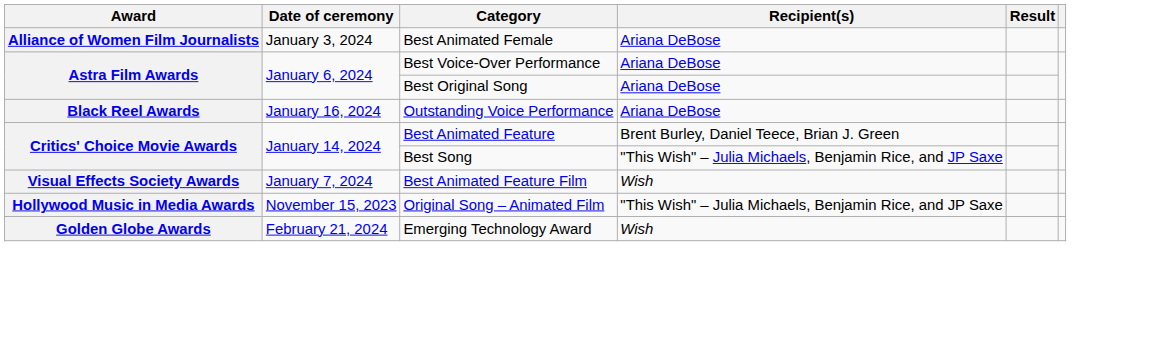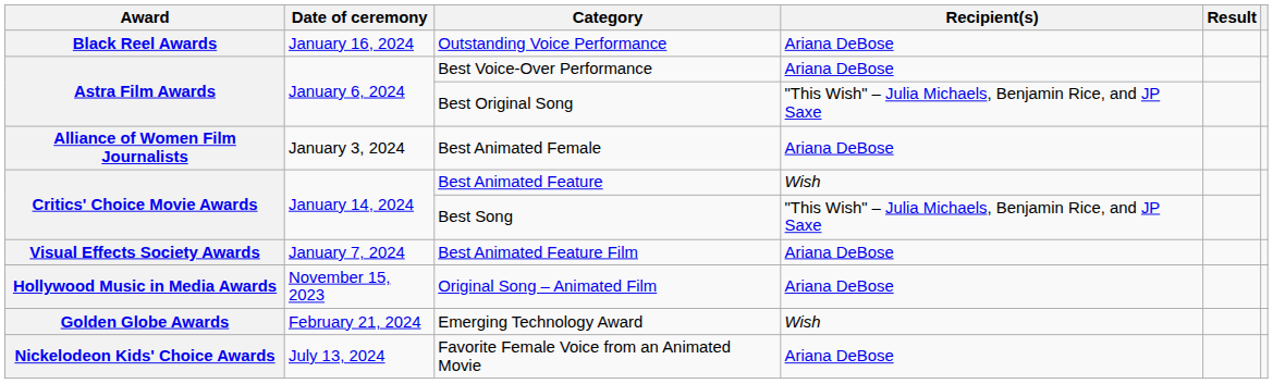 <table class="wikitable sortable plainrowheaders">
 <tr>
 <th scope="col">Award</th>
 <th scope="col">Date of ceremony</th>
 <th scope="col">Category</th>
 <th scope="col">Recipient(s)</th>
 <th scope="col">Result</th>
 <th scope="col" class="unsortable"></th>
 </tr>
 <tr>
-<th scope="row"><a href='#'>Alliance of Women Film Journalists</a></th>
-<td>January 3, 2024</td>
-<td>Best Animated Female</td>
+<th scope="row"><a href='#'>Black Reel Awards</a></th>
+<td><a href='#'>January 16, 2024</a></td>
+<td><a href='#'>Outstanding Voice Performance</a></td>
 <td><a href='#'>Ariana DeBose</a></td>
 <td></td>
 <td align="center"></td>
 </tr>
 <tr>
 <th rowspan="2" scope="row"><a href='#'>Astra Film Awards</a></th>
 <td rowspan="2"><a href='#'>January 6, 2024</a></td>
 <td>Best Voice-Over Performance</td>
 <td><a href='#'>Ariana DeBose</a></td>
 <td></td>
 <td align="center" rowspan="2"></td>
 </tr>
 <tr>
 <td>Best Original Song</td>
-<td><a href='#'>Ariana DeBose</a></td>
+<td>"This Wish" – <a href='#'>Julia Michaels</a>, Benjamin Rice, and <a href='#'>JP Saxe</a></td>
 <td></td>
 </tr>
 <tr>
-<th scope="row"><a href='#'>Black Reel Awards</a></th>
-<td><a href='#'>January 16, 2024</a></td>
-<td><a href='#'>Outstanding Voice Performance</a></td>
+<th scope="row"><a href='#'>Alliance of Women Film Journalists</a></th>
+<td>January 3, 2024</td>
+<td>Best Animated Female</td>
 <td><a href='#'>Ariana DeBose</a></td>
 <td></td>
 <td align="center"></td>
 </tr>
 <tr>
 <th rowspan="2" scope="row"><a href='#'>Critics' Choice Movie Awards</a></th>
 <td rowspan="2"><a href='#'>January 14, 2024</a></td>
 <td><a href='#'>Best Animated Feature</a></td>
-<td>Brent Burley, Daniel Teece, Brian J. Green<br></td>
+<td><em>Wish</em></td>
 <td></td>
 <td align="center" rowspan="2"></td>
 </tr>
 <tr>
 <td>Best Song</td>
 <td>"This Wish" – <a href='#'>Julia Michaels</a>, Benjamin Rice, and <a href='#'>JP Saxe</a></td>
 <td></td>
 </tr>
 <tr>
 <th scope="row"><a href='#'>Visual Effects Society Awards</a></th>
 <td><a href='#'>January 7, 2024</a></td>
 <td><a href='#'>Best Animated Feature Film</a></td>
-<td><em>Wish</em></td>
+<td><a href='#'>Ariana DeBose</a></td>
 <td></td>
 <td align="center"></td>
 </tr>
 <tr>
 <th scope="row"><a href='#'>Hollywood Music in Media Awards</a></th>
 <td><a href='#'>November 15, 2023</a></td>
 <td><a href='#'>Original Song – Animated Film</a></td>
-<td>"This Wish" – Julia Michaels, Benjamin Rice, and JP Saxe</td>
+<td><a href='#'>Ariana DeBose</a></td>
 <td></td>
 <td align="center"></td>
 </tr>
 <tr>
 <th scope="row"><a href='#'>Golden Globe Awards</a></th>
 <td><a href='#'>February 21, 2024</a></td>
 <td>Emerging Technology Award</td>
 <td><em>Wish</em></td>
 <td></td>
 <td align="center"></td>
 </tr>
+<tr>
+<th scope="row"><a href='#'>Nickelodeon Kids' Choice Awards</a></th>
+<td><a href='#'>July 13, 2024</a></td>
+<td>Favorite Female Voice from an Animated Movie</td>
+<td><a href='#'>Ariana DeBose</a></td>
+<td></td>
+<td align="center"></td>
+</tr>
 </table>
